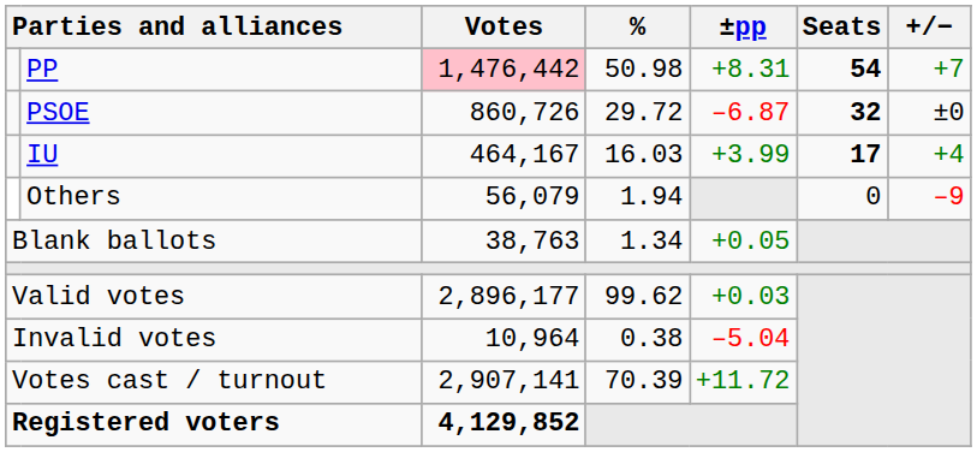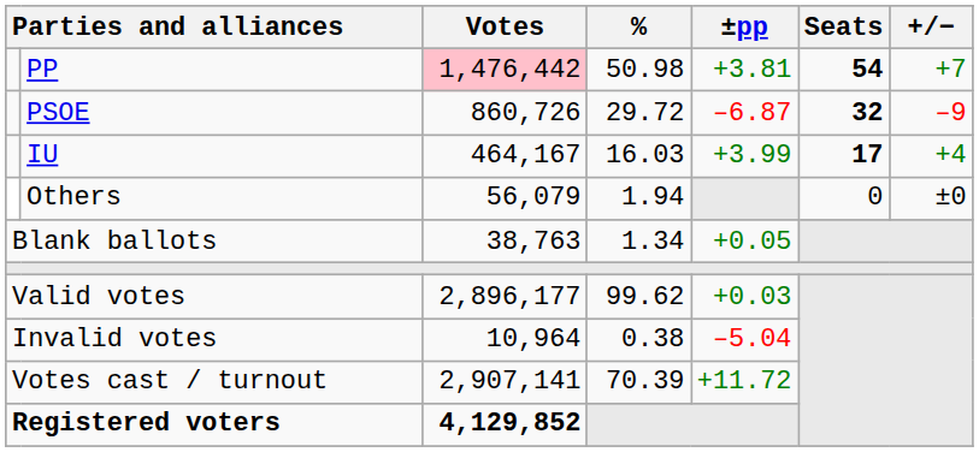 <table class="wikitable" style="text-align:right;">
 <tr>
 <th style="text-align:left;" colspan="2" width="200">Parties and alliances</th>
 <th width="75">Votes</th>
 <th width="45">%</th>
 <th width="45">±<a href='#'>pp</a></th>
 <th width="35">Seats</th>
 <th width="35">+/−</th>
 </tr>
 <tr>
 <td width="1" style="color:inherit;background:"></td>
 <td align="left"><a href='#'>PP</a></td>
 <td style="background: pink;">1,476,442</td>
 <td>50.98</td>
-<td style="color:green;">+8.31</td>
+<td style="color:green;">+3.81</td>
 <td><strong>54</strong></td>
 <td style="color:green;">+7</td>
 </tr>
 <tr>
 <td style="color:inherit;background:"></td>
 <td align="left"><a href='#'>PSOE</a></td>
 <td>860,726</td>
 <td>29.72</td>
 <td style="color:red;">–6.87</td>
 <td><strong>32</strong></td>
-<td>±0</td>
+<td style="color:red;">–9</td>
 </tr>
 <tr>
 <td style="color:inherit;background:"></td>
 <td align="left"><a href='#'>IU</a></td>
 <td>464,167</td>
 <td>16.03</td>
 <td style="color:green;">+3.99</td>
 <td><strong>17</strong></td>
 <td style="color:green;">+4</td>
 </tr>
 <tr>
 <td bgcolor="white"></td>
 <td align="left">Others</td>
 <td>56,079</td>
 <td>1.94</td>
 <td bgcolor="#E9E9E9"></td>
 <td>0</td>
-<td style="color:red;">–9</td>
+<td>±0</td>
 </tr>
 <tr>
 <td align="left" colspan="2">Blank ballots</td>
 <td>38,763</td>
 <td>1.34</td>
 <td style="color:green;">+0.05</td>
 <td bgcolor="#E9E9E9" colspan="2"></td>
 </tr>
 <tr>
 <td colspan="7" bgcolor="#E9E9E9"></td>
 </tr>
 <tr>
 <td align="left" colspan="2">Valid votes</td>
 <td>2,896,177</td>
 <td>99.62</td>
 <td style="color:green;">+0.03</td>
 <td bgcolor="#E9E9E9" colspan="2" rowspan="4"></td>
 </tr>
 <tr>
 <td align="left" colspan="2">Invalid votes</td>
 <td>10,964</td>
 <td>0.38</td>
 <td style="color:red;">–5.04</td>
 </tr>
 <tr>
 <td align="left" colspan="2">Votes cast / turnout</td>
 <td>2,907,141</td>
 <td>70.39</td>
 <td style="color:green;">+11.72</td>
 </tr>
 <tr style="font-weight:bold;">
 <td align="left" colspan="2">Registered voters</td>
 <td>4,129,852</td>
 <td bgcolor="#E9E9E9" colspan="2"></td>
 </tr>
 </table>
